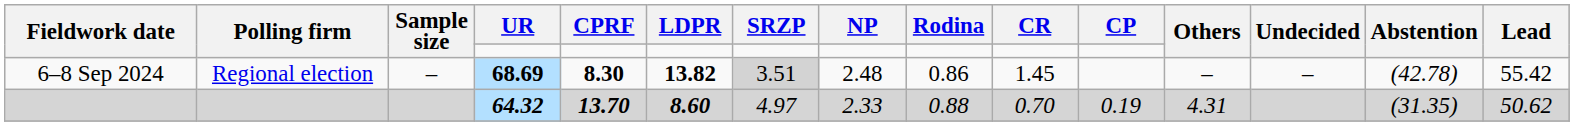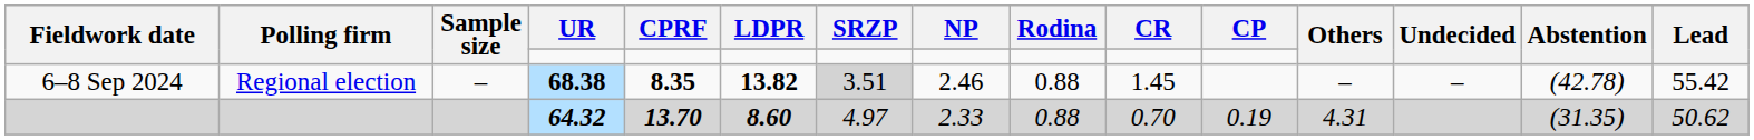 <table class=wikitable style="font-size:95%; line-height:14px; text-align:center">
 <tr>
 <th style=width:120px; rowspan=2>Fieldwork date</th>
 <th style=width:120px; rowspan=2>Polling firm</th>
 <th style=width:50px; rowspan=2>Sample<br>size</th>
 <th style="width:50px;"><a href='#'>UR</a></th>
 <th style="width:50px;"><a href='#'>CPRF</a></th>
 <th style="width:50px;"><a href='#'>LDPR</a></th>
 <th style="width:50px;"><a href='#'>SRZP</a></th>
 <th style="width:50px;"><a href='#'>NP</a></th>
 <th style="width:50px;"><a href='#'>Rodina</a></th>
 <th style="width:50px;"><a href='#'>CR</a></th>
 <th style="width:50px;"><a href='#'>CP</a></th>
 <th style="width:50px;" rowspan=2>Others</th>
 <th style="width:50px;" rowspan=2>Undecided</th>
 <th style="width:50px;" rowspan=2>Abstention</th>
 <th style="width:50px;" rowspan="2">Lead</th>
 </tr>
 <tr>
 <td bgcolor=></td>
 <td bgcolor=></td>
 <td bgcolor=></td>
 <td bgcolor=></td>
 <td bgcolor=></td>
 <td bgcolor=></td>
 <td bgcolor=></td>
 <td bgcolor=></td>
 </tr>
 <tr>
 <td>6–8 Sep 2024</td>
 <td><a href='#'>Regional election</a></td>
 <td>–</td>
-<td style="background:#B3E0FF"><strong>68.69</strong></td>
-<td><strong>8.30</strong></td>
+<td style="background:#B3E0FF"><strong>68.38</strong></td>
+<td><strong>8.35</strong></td>
 <td><strong>13.82</strong></td>
 <td style="background: lightgrey;">3.51</td>
-<td>2.48</td>
-<td>0.86</td>
+<td>2.46</td>
+<td>0.88</td>
 <td>1.45</td>
 <td></td>
 <td>–</td>
 <td>–</td>
 <td><em>(42.78)</em></td>
 <td style="background:">55.42</td>
 </tr>
 <tr style="background:#D5D5D5">
 <td></td>
 <td></td>
 <td></td>
 <td style="background:#B3E0FF"><strong><em>64.32</em></strong></td>
 <td><strong><em>13.70</em></strong></td>
 <td><strong><em>8.60</em></strong></td>
 <td><em>4.97</em></td>
 <td><em>2.33</em></td>
 <td><em>0.88</em></td>
 <td><em>0.70</em></td>
 <td><em>0.19</em></td>
 <td><em>4.31</em></td>
 <td></td>
 <td><em>(31.35)</em></td>
 <td style="background:"><em>50.62</em></td>
 </tr>
 </table>
